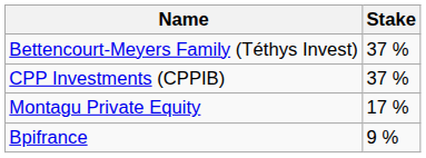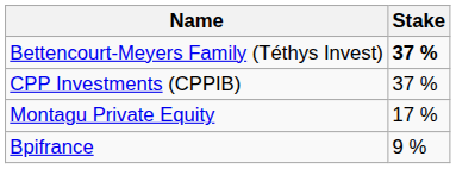 <table class="wikitable">
 <tr>
 <th>Name</th>
 <th>Stake</th>
 </tr>
 <tr>
 <td><a href='#'>Bettencourt-Meyers Family</a> (Téthys Invest)</td>
-<td>37 %</td>
+<td><strong>37 %</strong></td>
 </tr>
 <tr>
 <td><a href='#'>CPP Investments</a> (CPPIB)</td>
 <td>37 %</td>
 </tr>
 <tr>
 <td><a href='#'>Montagu Private Equity</a></td>
 <td>17 %</td>
 </tr>
 <tr>
 <td><a href='#'>Bpifrance</a></td>
 <td>9 %</td>
 </tr>
 </table>
